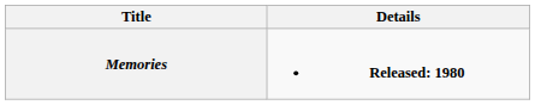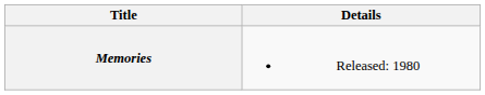 <table class="wikitable plainrowheaders" style="text-align:center;">
 <tr>
 <th scope="col" style="width:17em;">Title</th>
 <th scope="col" style="width:17em;">Details</th>
 </tr>
 <tr>
 <th scope="row"><em>Memories</em></th>
-<td><strong><br><ul><li>Released: 1980</li></ul></strong></td>
+<td><br><ul><li>Released: 1980</li></ul></td>
 </tr>
 </table>
